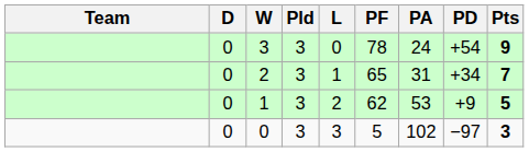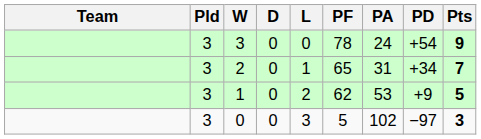 <table class="wikitable" style="text-align:center;">
 <tr>
 <th width=175>Team</th>
+<th width=25 abbr="Played">Pld</th>
+<th width=25 abbr="Won">W</th>
 <th width=25 abbr="Drawn">D</th>
-<th width=25 abbr="Won">W</th>
-<th width=25 abbr="Played">Pld</th>
 <th width=25 abbr="Lost">L</th>
 <th width=32 abbr="Points for">PF</th>
 <th width=32 abbr="Points against">PA</th>
 <th width=32 abbr="Points difference">PD</th>
 <th width=25 abbr="Points">Pts</th>
 </tr>
 <tr bgcolor=ccffcc>
 <td align=left></td>
-<td>0</td>
 <td>3</td>
 <td>3</td>
+<td>0</td>
 <td>0</td>
 <td>78</td>
 <td>24</td>
 <td>+54</td>
 <td><strong>9</strong></td>
 </tr>
 <tr bgcolor=ccffcc>
 <td align=left></td>
+<td>3</td>
+<td>2</td>
 <td>0</td>
-<td>2</td>
-<td>3</td>
 <td>1</td>
 <td>65</td>
 <td>31</td>
 <td>+34</td>
 <td><strong>7</strong></td>
 </tr>
 <tr bgcolor=ccffcc>
 <td align=left></td>
+<td>3</td>
+<td>1</td>
 <td>0</td>
-<td>1</td>
-<td>3</td>
 <td>2</td>
 <td>62</td>
 <td>53</td>
 <td>+9</td>
 <td><strong>5</strong></td>
 </tr>
 <tr>
 <td align=left></td>
+<td>3</td>
 <td>0</td>
 <td>0</td>
-<td>3</td>
 <td>3</td>
 <td>5</td>
 <td>102</td>
 <td>−97</td>
 <td><strong>3</strong></td>
 </tr>
 </table>
